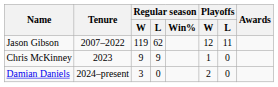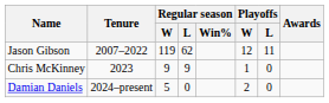 <table class="wikitable">
 <tr>
 <th rowspan="2">Name</th>
 <th rowspan="2">Tenure</th>
 <th colspan="3">Regular season</th>
 <th colspan="2">Playoffs</th>
 <th rowspan="2">Awards</th>
 </tr>
 <tr>
 <th rowspan="1">W</th>
 <th rowspan="1">L</th>
 <th rowspan="1">Win%</th>
 <th rowspan="1">W</th>
 <th rowspan="1">L</th>
 </tr>
 <tr>
 <td>Jason Gibson</td>
 <td style="text-align:center;">2007–2022</td>
 <td style="text-align:center;">119</td>
 <td style="text-align:center;">62</td>
 <td style="text-align:center;"></td>
 <td style="text-align:center;">12</td>
 <td style="text-align:center;">11</td>
 <td></td>
 </tr>
 <tr>
 <td>Chris McKinney</td>
 <td style="text-align:center;">2023</td>
 <td style="text-align:center;">9</td>
 <td style="text-align:center;">9</td>
 <td style="text-align:center;"></td>
 <td style="text-align:center;">1</td>
 <td style="text-align:center;">0</td>
 <td></td>
 </tr>
 <tr>
 <td><a href='#'>Damian Daniels</a></td>
 <td style="text-align:center;">2024–present</td>
-<td style="text-align:center;">3</td>
+<td style="text-align:center;">5</td>
 <td style="text-align:center;">0</td>
 <td style="text-align:center;"></td>
 <td style="text-align:center;">2</td>
 <td style="text-align:center;">0</td>
 <td></td>
 </tr>
 </table>
